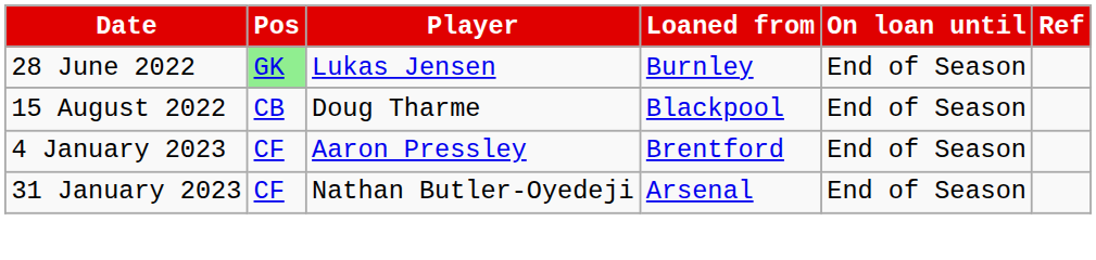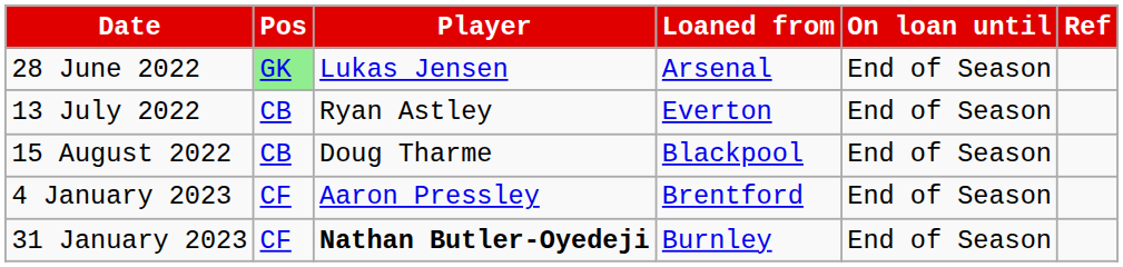 <table class="wikitable plainrowheaders sortable">
 <tr>
 <th style="background:#E00000; color:#ffffff; ">Date</th>
 <th style="background:#E00000; color:#ffffff; ">Pos</th>
 <th style="background:#E00000; color:#ffffff; ">Player</th>
 <th style="background:#E00000; color:#ffffff; ">Loaned from</th>
 <th style="background:#E00000; color:#ffffff; ">On loan until</th>
 <th style="background:#E00000; color:#ffffff; ">Ref</th>
 </tr>
 <tr>
 <td>28 June 2022</td>
 <td style="background: lightgreen;"><a href='#'>GK</a></td>
 <td> <a href='#'>Lukas Jensen</a></td>
-<td> <a href='#'>Burnley</a></td>
+<td> <a href='#'>Arsenal</a></td>
+<td>End of Season</td>
+<td></td>
+</tr>
+<tr>
+<td>13 July 2022</td>
+<td><a href='#'>CB</a></td>
+<td> Ryan Astley</td>
+<td> <a href='#'>Everton</a></td>
 <td>End of Season</td>
 <td></td>
 </tr>
 <tr>
 <td>15 August 2022</td>
 <td><a href='#'>CB</a></td>
 <td> Doug Tharme</td>
 <td> <a href='#'>Blackpool</a></td>
 <td>End of Season</td>
 <td></td>
 </tr>
 <tr>
 <td>4 January 2023</td>
 <td><a href='#'>CF</a></td>
 <td> <a href='#'>Aaron Pressley</a></td>
 <td> <a href='#'>Brentford</a></td>
 <td>End of Season</td>
 <td></td>
 </tr>
 <tr>
 <td>31 January 2023</td>
 <td><a href='#'>CF</a></td>
-<td> Nathan Butler-Oyedeji</td>
-<td> <a href='#'>Arsenal</a></td>
+<td><strong> Nathan Butler-Oyedeji</strong></td>
+<td> <a href='#'>Burnley</a></td>
 <td>End of Season</td>
 <td></td>
 </tr>
 </table>
